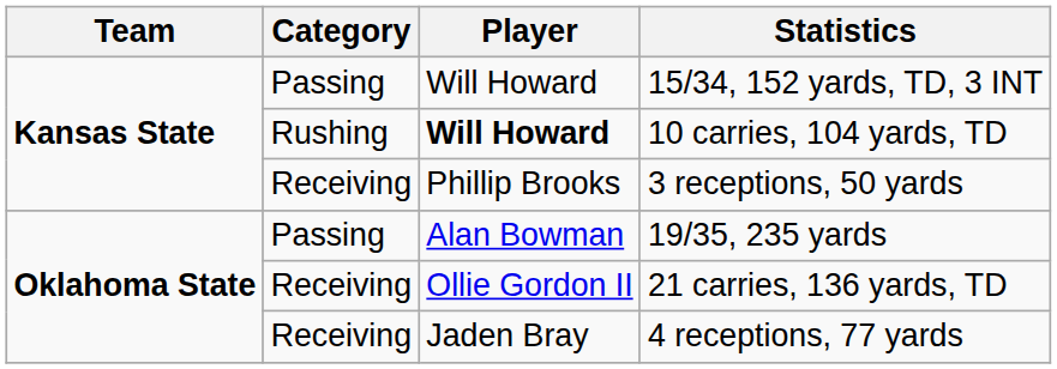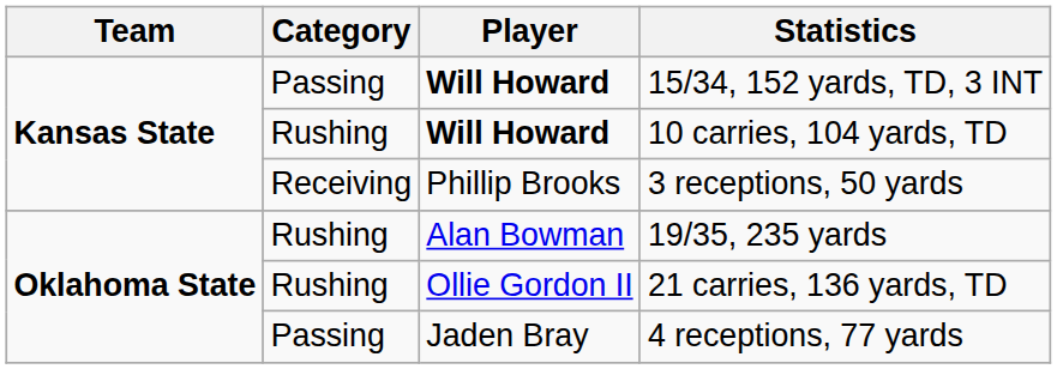 <table class="wikitable" style="float: right;">
 <tr>
 <th>Team</th>
 <th>Category</th>
 <th>Player</th>
 <th>Statistics</th>
 </tr>
 <tr>
 <td rowspan=3><strong>Kansas State</strong></td>
 <td>Passing</td>
-<td>Will Howard</td>
+<td><strong>Will Howard</strong></td>
 <td>15/34, 152 yards, TD, 3 INT</td>
 </tr>
 <tr>
 <td>Rushing</td>
 <td><strong>Will Howard</strong></td>
 <td>10 carries, 104 yards, TD</td>
 </tr>
 <tr>
 <td>Receiving</td>
 <td>Phillip Brooks</td>
 <td>3 receptions, 50 yards</td>
 </tr>
 <tr>
 <td rowspan=3><strong>Oklahoma State</strong></td>
-<td>Passing</td>
+<td>Rushing</td>
 <td><a href='#'>Alan Bowman</a></td>
 <td>19/35, 235 yards</td>
 </tr>
 <tr>
-<td>Receiving</td>
+<td>Rushing</td>
 <td><a href='#'>Ollie Gordon II</a></td>
 <td>21 carries, 136 yards, TD</td>
 </tr>
 <tr>
-<td>Receiving</td>
+<td>Passing</td>
 <td>Jaden Bray</td>
 <td>4 receptions, 77 yards</td>
 </tr>
 </table>
